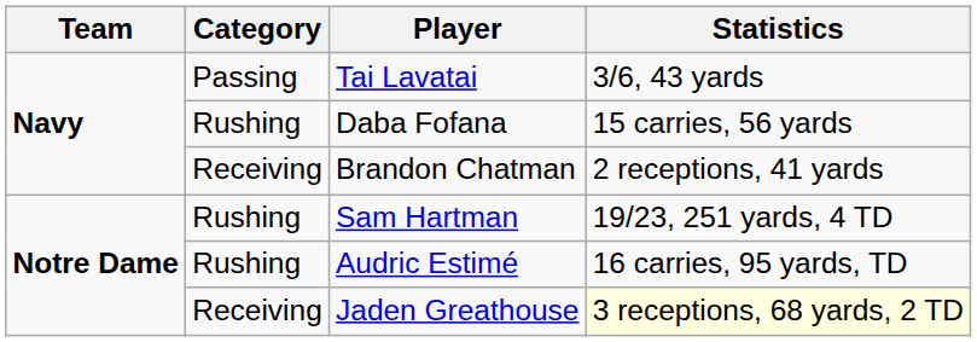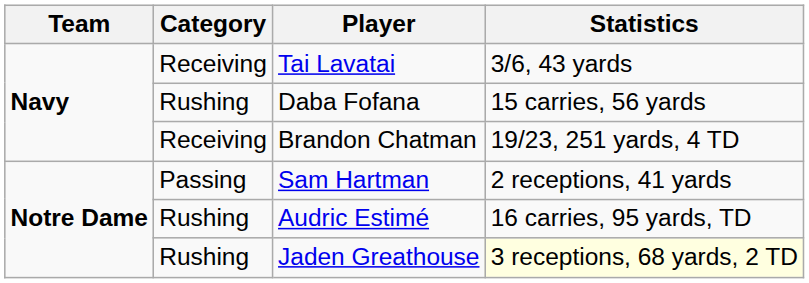 <table class="wikitable" style="float: right;">
 <tr>
 <th>Team</th>
 <th>Category</th>
 <th>Player</th>
 <th>Statistics</th>
 </tr>
 <tr>
 <td rowspan=3><strong>Navy</strong></td>
-<td>Passing</td>
+<td>Receiving</td>
 <td><a href='#'>Tai Lavatai</a></td>
 <td>3/6, 43 yards</td>
 </tr>
 <tr>
 <td>Rushing</td>
 <td>Daba Fofana</td>
 <td>15 carries, 56 yards</td>
 </tr>
 <tr>
 <td>Receiving</td>
 <td>Brandon Chatman</td>
-<td>2 receptions, 41 yards</td>
+<td>19/23, 251 yards, 4 TD</td>
 </tr>
 <tr>
 <td rowspan=3><strong>Notre Dame</strong></td>
-<td>Rushing</td>
+<td>Passing</td>
 <td><a href='#'>Sam Hartman</a></td>
-<td>19/23, 251 yards, 4 TD</td>
+<td>2 receptions, 41 yards</td>
 </tr>
 <tr>
 <td>Rushing</td>
 <td><a href='#'>Audric Estimé</a></td>
 <td>16 carries, 95 yards, TD</td>
 </tr>
 <tr>
-<td>Receiving</td>
+<td>Rushing</td>
 <td><a href='#'>Jaden Greathouse</a></td>
 <td style="background: lightyellow;">3 receptions, 68 yards, 2 TD</td>
 </tr>
 </table>
